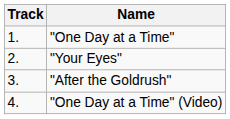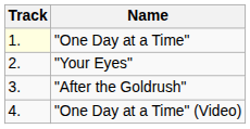 <table class="wikitable" border="1">
 <tr>
 <th>Track</th>
 <th>Name</th>
 </tr>
 <tr>
-<td>1.</td>
+<td style="background: lightyellow;">1.</td>
 <td>"One Day at a Time"</td>
 </tr>
 <tr>
 <td>2.</td>
 <td>"Your Eyes"</td>
 </tr>
 <tr>
 <td>3.</td>
 <td>"After the Goldrush"</td>
 </tr>
 <tr>
 <td>4.</td>
 <td>"One Day at a Time" (Video)</td>
 </tr>
 </table>
